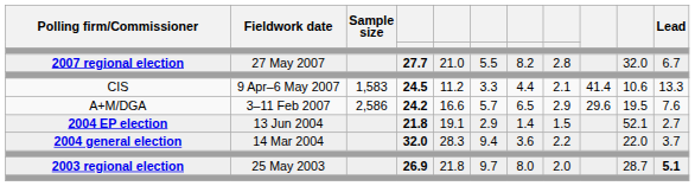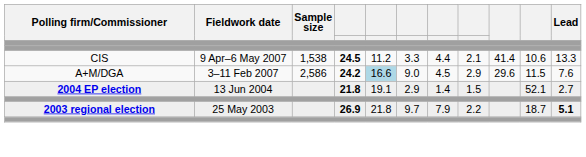 <table class="wikitable collapsible collapsed" style="text-align:center; font-size:90%; line-height:14px;">
 <tr style="height:42px;">
 <th style="width:250px;" rowspan="2">Polling firm/Commissioner</th>
 <th style="width:125px;" rowspan="2">Fieldwork date</th>
 <th style="width:50px;" rowspan="2">Sample size</th>
 <th style="width:35px;"></th>
 <th style="width:35px;"></th>
 <th style="width:35px;"></th>
 <th style="width:35px;"></th>
 <th style="width:35px;"></th>
 <th style="width:35px;" rowspan="2"></th>
 <th style="width:35px;" rowspan="2"></th>
 <th style="width:30px;" rowspan="2">Lead</th>
 </tr>
 <tr>
 <th style="color:inherit;background:"></th>
 <th style="color:inherit;background:"></th>
 <th style="color:inherit;background:"></th>
 <th style="color:inherit;background:"></th>
 <th style="color:inherit;background:"></th>
 </tr>
 <tr>
 <td colspan="11" style="background:#A0A0A0"></td>
 </tr>
-<tr style="background:#EFEFEF;">
-<td><strong><a href='#'>2007 regional election</a></strong></td>
-<td>27 May 2007</td>
-<td></td>
-<td><strong>27.7</strong></td>
-<td>21.0</td>
-<td>5.5</td>
-<td>8.2</td>
-<td>2.8</td>
-<td></td>
-<td>32.0</td>
-<td style="background:">6.7</td>
-</tr>
 <tr>
 <td colspan="11" style="background:#A0A0A0"></td>
 </tr>
 <tr>
 <td>CIS</td>
 <td>9 Apr–6 May 2007</td>
-<td>1,583</td>
+<td>1,538</td>
 <td><strong>24.5</strong></td>
 <td>11.2</td>
 <td>3.3</td>
 <td>4.4</td>
 <td>2.1</td>
 <td>41.4</td>
 <td>10.6</td>
 <td style="background:">13.3</td>
 </tr>
 <tr>
 <td>A+M/DGA</td>
 <td>3–11 Feb 2007</td>
 <td>2,586</td>
 <td><strong>24.2</strong></td>
-<td>16.6</td>
-<td>5.7</td>
-<td>6.5</td>
+<td style="background: lightblue;">16.6</td>
+<td>9.0</td>
+<td>4.5</td>
 <td>2.9</td>
 <td>29.6</td>
-<td>19.5</td>
+<td>11.5</td>
 <td style="background:">7.6</td>
 </tr>
 <tr style="background:#EFEFEF;">
 <td><strong><a href='#'>2004 EP election</a></strong></td>
 <td>13 Jun 2004</td>
 <td></td>
 <td><strong>21.8</strong></td>
 <td>19.1</td>
 <td>2.9</td>
 <td>1.4</td>
 <td>1.5</td>
 <td></td>
 <td>52.1</td>
 <td style="background:">2.7</td>
 </tr>
-<tr style="background:#EFEFEF;">
-<td><strong><a href='#'>2004 general election</a></strong></td>
-<td>14 Mar 2004</td>
-<td></td>
-<td><strong>32.0</strong></td>
-<td>28.3</td>
-<td>9.4</td>
-<td>3.6</td>
-<td>2.2</td>
-<td></td>
-<td>22.0</td>
-<td style="background:">3.7</td>
-</tr>
 <tr>
 <td colspan="11" style="background:#A0A0A0"></td>
 </tr>
 <tr style="background:#EFEFEF;">
 <td><strong><a href='#'>2003 regional election</a></strong></td>
 <td>25 May 2003</td>
 <td></td>
 <td><strong>26.9</strong></td>
 <td>21.8</td>
 <td>9.7</td>
-<td>8.0</td>
-<td>2.0</td>
+<td>7.9</td>
+<td>2.2</td>
 <td></td>
-<td>28.7</td>
+<td>18.7</td>
 <td style="background:"><strong>5.1</strong></td>
 </tr>
 <tr>
 <td colspan="11" style="background:#A0A0A0"></td>
 </tr>
 </table>
